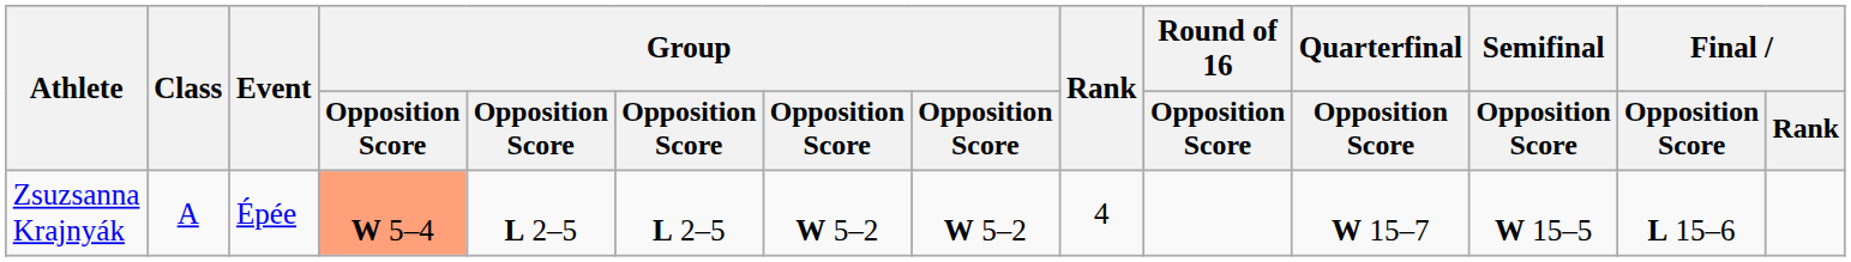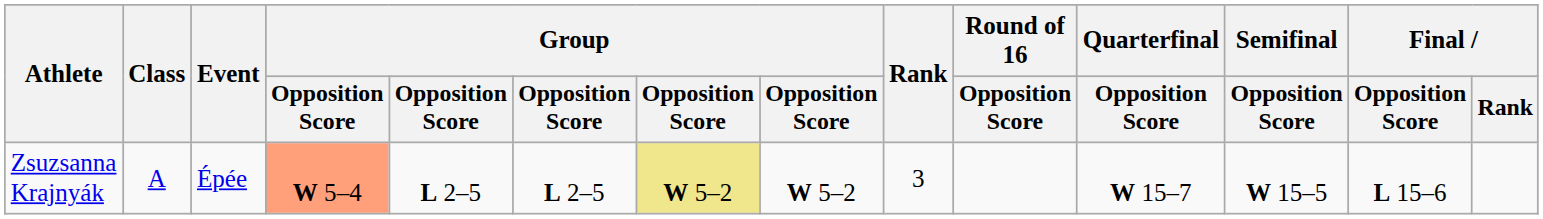 <table class="wikitable" style="font-size:90%">
 <tr>
 <th rowspan=2>Athlete</th>
 <th rowspan=2>Class</th>
 <th rowspan=2>Event</th>
 <th colspan=5>Group</th>
 <th rowspan=2>Rank</th>
 <th>Round of 16</th>
 <th>Quarterfinal</th>
 <th>Semifinal</th>
 <th colspan=2>Final / </th>
 </tr>
 <tr style="font-size:95%">
 <th>Opposition<br>Score</th>
 <th>Opposition<br>Score</th>
 <th>Opposition<br>Score</th>
 <th>Opposition<br>Score</th>
 <th>Opposition<br>Score</th>
 <th>Opposition<br>Score</th>
 <th>Opposition<br>Score</th>
 <th>Opposition<br>Score</th>
 <th>Opposition<br>Score</th>
 <th>Rank</th>
 </tr>
 <tr align=center>
 <td align=left><a href='#'>Zsuzsanna Krajnyák</a></td>
 <td align=center rowspan=4><a href='#'>A</a></td>
 <td align=left rowspan=2><a href='#'>Épée</a></td>
 <td style="background: lightsalmon;"><br><strong>W</strong> 5–4</td>
 <td><br><strong>L</strong> 2–5</td>
 <td><br><strong>L</strong> 2–5</td>
+<td style="background: khaki;"><br><strong>W</strong> 5–2</td>
 <td><br><strong>W</strong> 5–2</td>
-<td><br><strong>W</strong> 5–2</td>
-<td>4</td>
+<td>3</td>
 <td></td>
 <td><br><strong>W</strong> 15–7</td>
 <td><br><strong>W</strong> 15–5</td>
 <td><br><strong>L</strong> 15–6</td>
 <td></td>
 </tr>
 </table>
